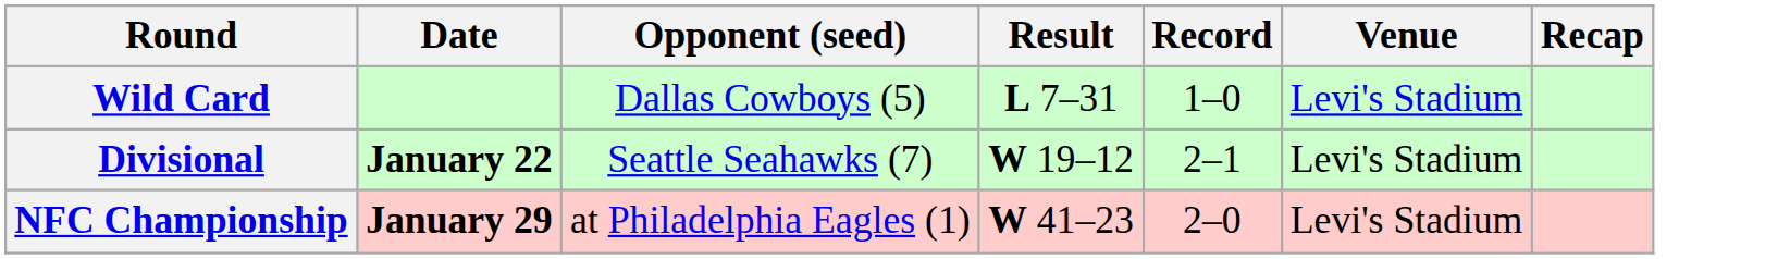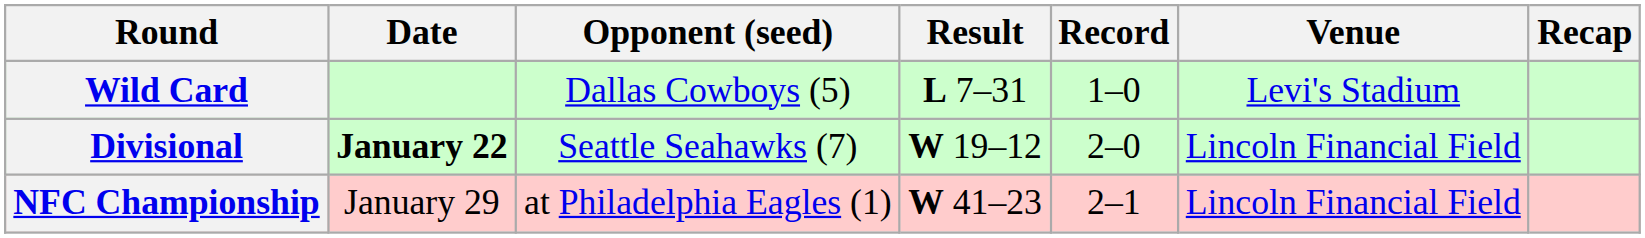 <table class="wikitable" style="text-align:center">
 <tr>
 <th>Round</th>
 <th>Date</th>
 <th>Opponent (seed)</th>
 <th>Result</th>
 <th>Record</th>
 <th>Venue</th>
 <th>Recap</th>
 </tr>
 <tr style="background:#cfc">
 <th><a href='#'>Wild Card</a></th>
 <td></td>
 <td><a href='#'>Dallas Cowboys</a> (5)</td>
 <td><strong>L</strong> 7–31</td>
 <td>1–0</td>
 <td><a href='#'>Levi's Stadium</a></td>
 <td></td>
 </tr>
 <tr style="background:#cfc">
 <th><a href='#'>Divisional</a></th>
 <td><strong>January 22</strong></td>
 <td><a href='#'>Seattle Seahawks</a> (7)</td>
 <td><strong>W</strong> 19–12</td>
-<td>2–1</td>
-<td>Levi's Stadium</td>
+<td>2–0</td>
+<td><a href='#'>Lincoln Financial Field</a></td>
 <td></td>
 </tr>
 <tr style="background:#fcc">
 <th><a href='#'>NFC Championship</a></th>
-<td><strong>January 29</strong></td>
+<td>January 29</td>
 <td>at <a href='#'>Philadelphia Eagles</a> (1)</td>
 <td><strong>W</strong> 41–23</td>
-<td>2–0</td>
-<td>Levi's Stadium</td>
+<td>2–1</td>
+<td><a href='#'>Lincoln Financial Field</a></td>
 <td></td>
 </tr>
 </table>
